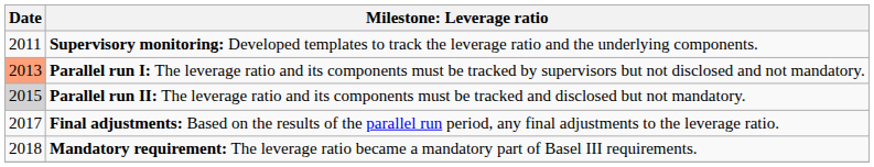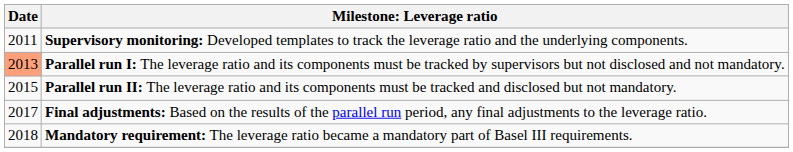 <table class="wikitable">
 <tr>
 <th>Date</th>
 <th>Milestone: Leverage ratio</th>
 </tr>
 <tr>
 <td>2011</td>
 <td><strong>Supervisory monitoring:</strong> Developed templates to track the leverage ratio and the underlying components.</td>
 </tr>
 <tr>
 <td style="background: lightsalmon;">2013</td>
 <td><strong>Parallel run I:</strong> The leverage ratio and its components must be tracked by supervisors but not disclosed and not mandatory.</td>
 </tr>
 <tr>
-<td style="background: lightgrey;">2015</td>
+<td>2015</td>
 <td><strong>Parallel run II:</strong> The leverage ratio and its components must be tracked and disclosed but not mandatory.</td>
 </tr>
 <tr>
 <td>2017</td>
 <td><strong>Final adjustments:</strong> Based on the results of the <a href='#'>parallel run</a> period, any final adjustments to the leverage ratio.</td>
 </tr>
 <tr>
 <td>2018</td>
 <td><strong>Mandatory requirement:</strong> The leverage ratio became a mandatory part of Basel III requirements.</td>
 </tr>
 <tr>
 </tr>
 </table>
